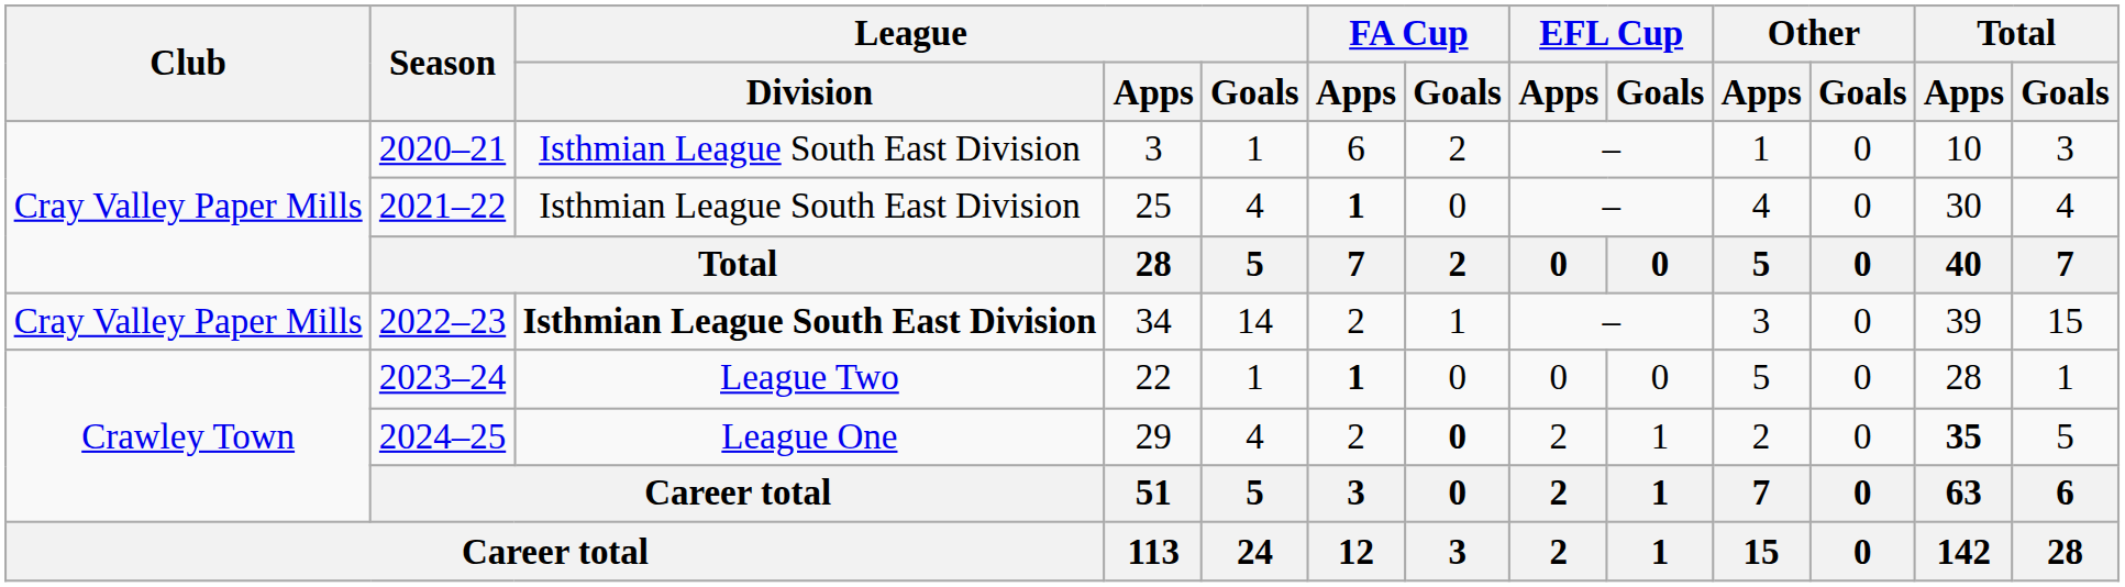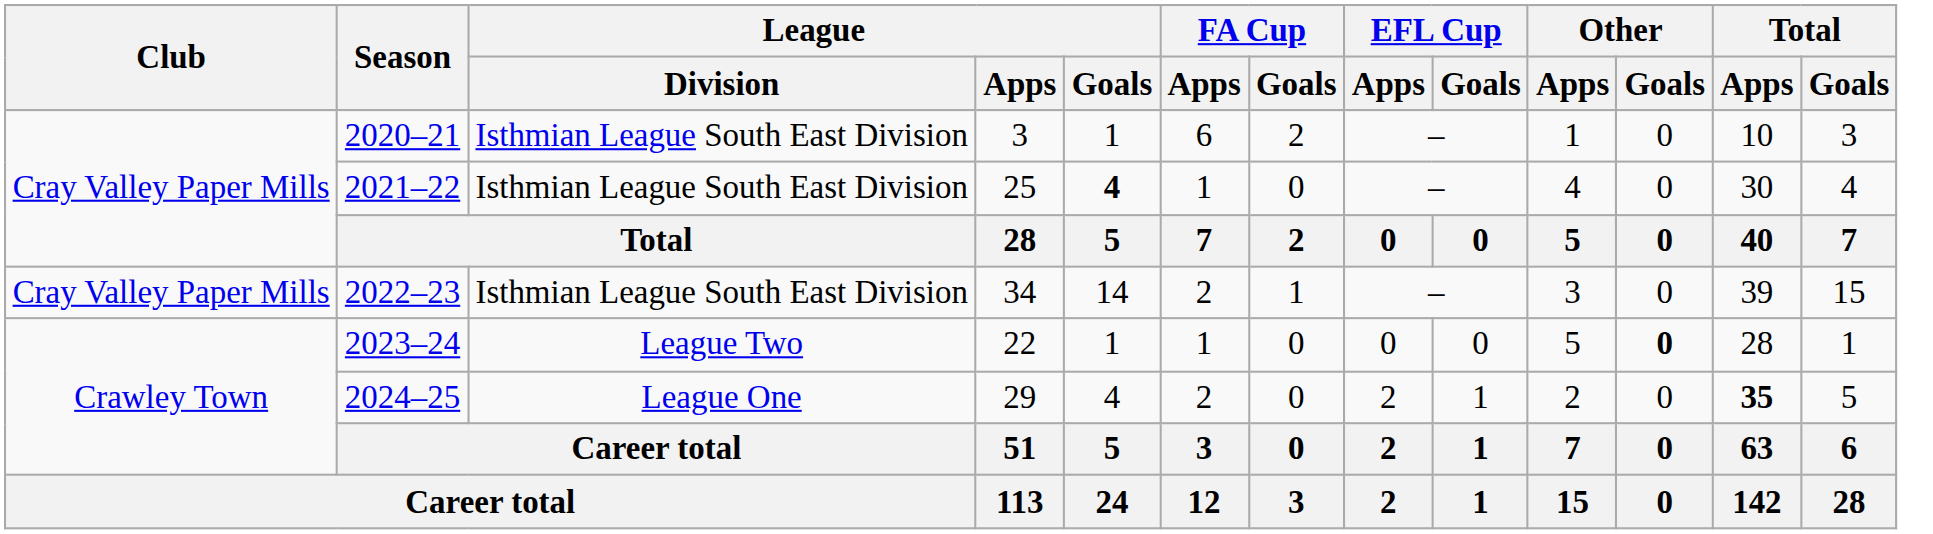 <table class=wikitable style=text-align:center>
 <tr>
 <th rowspan=2>Club</th>
 <th rowspan=2>Season</th>
 <th colspan=3>League</th>
 <th colspan=2><a href='#'>FA Cup</a></th>
 <th colspan=2><a href='#'>EFL Cup</a></th>
 <th colspan=2>Other</th>
 <th colspan=2>Total</th>
 </tr>
 <tr>
 <th>Division</th>
 <th>Apps</th>
 <th>Goals</th>
 <th>Apps</th>
 <th>Goals</th>
 <th>Apps</th>
 <th>Goals</th>
 <th>Apps</th>
 <th>Goals</th>
 <th>Apps</th>
 <th>Goals</th>
 </tr>
 <tr>
 <td rowspan="3"><a href='#'>Cray Valley Paper Mills</a></td>
 <td><a href='#'>2020–21</a></td>
 <td><a href='#'>Isthmian League</a> South East Division</td>
 <td>3</td>
 <td>1</td>
 <td>6</td>
 <td>2</td>
 <td colspan="2">–</td>
 <td>1</td>
 <td>0</td>
 <td>10</td>
 <td>3</td>
 </tr>
 <tr>
 <td><a href='#'>2021–22</a></td>
 <td>Isthmian League South East Division</td>
 <td>25</td>
-<td>4</td>
-<td><strong>1</strong></td>
+<td><strong>4</strong></td>
+<td>1</td>
 <td>0</td>
 <td colspan="2">–</td>
 <td>4</td>
 <td>0</td>
 <td>30</td>
 <td>4</td>
 </tr>
 <tr>
 <th colspan="2">Total</th>
 <th>28</th>
 <th>5</th>
 <th>7</th>
 <th>2</th>
 <th>0</th>
 <th>0</th>
 <th>5</th>
 <th>0</th>
 <th>40</th>
 <th>7</th>
 </tr>
 <tr>
 <td><a href='#'>Cray Valley Paper Mills</a></td>
 <td><a href='#'>2022–23</a></td>
-<td><strong>Isthmian League South East Division</strong></td>
+<td>Isthmian League South East Division</td>
 <td>34</td>
 <td>14</td>
 <td>2</td>
 <td>1</td>
 <td colspan="2">–</td>
 <td>3</td>
 <td>0</td>
 <td>39</td>
 <td>15</td>
 </tr>
 <tr>
 <td rowspan="3"><a href='#'>Crawley Town</a></td>
 <td><a href='#'>2023–24</a></td>
 <td><a href='#'>League Two</a></td>
 <td>22</td>
 <td>1</td>
-<td><strong>1</strong></td>
+<td>1</td>
 <td>0</td>
 <td>0</td>
 <td>0</td>
 <td>5</td>
-<td>0</td>
+<td><strong>0</strong></td>
 <td>28</td>
 <td>1</td>
 </tr>
 <tr>
 <td><a href='#'>2024–25</a></td>
 <td><a href='#'>League One</a></td>
 <td>29</td>
 <td>4</td>
 <td>2</td>
-<td><strong>0</strong></td>
+<td>0</td>
 <td>2</td>
 <td>1</td>
 <td>2</td>
 <td>0</td>
 <td><strong>35</strong></td>
 <td>5</td>
 </tr>
 <tr>
 <th colspan="2">Career total</th>
 <th>51</th>
 <th>5</th>
 <th>3</th>
 <th>0</th>
 <th>2</th>
 <th>1</th>
 <th>7</th>
 <th>0</th>
 <th>63</th>
 <th>6</th>
 </tr>
 <tr>
 <th colspan="3">Career total</th>
 <th>113</th>
 <th>24</th>
 <th>12</th>
 <th>3</th>
 <th>2</th>
 <th>1</th>
 <th>15</th>
 <th>0</th>
 <th>142</th>
 <th>28</th>
 </tr>
 </table>
